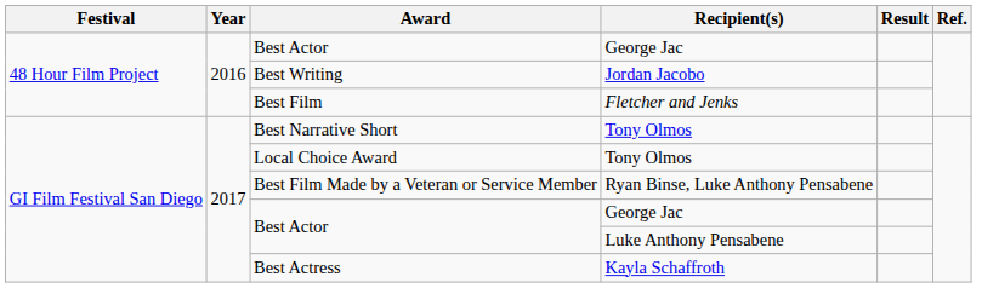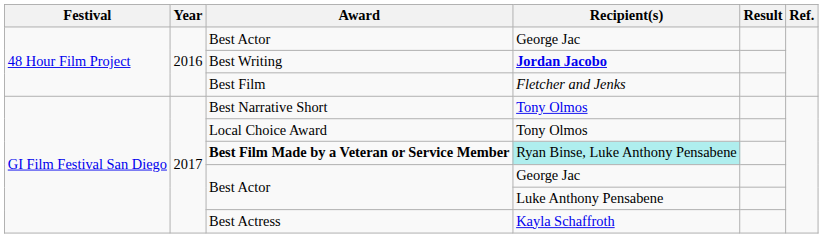 <table class="wikitable">
 <tr>
 <th>Festival</th>
 <th>Year</th>
 <th>Award</th>
 <th>Recipient(s)</th>
 <th>Result</th>
 <th>Ref.</th>
 </tr>
 <tr>
 <td rowspan="3"><a href='#'>48 Hour Film Project</a></td>
 <td rowspan="3">2016</td>
 <td>Best Actor</td>
 <td>George Jac</td>
 <td></td>
 <td rowspan="3"></td>
 </tr>
 <tr>
 <td>Best Writing</td>
-<td><a href='#'>Jordan Jacobo</a></td>
+<td><strong><a href='#'>Jordan Jacobo</a></strong></td>
 <td></td>
 </tr>
 <tr>
 <td>Best Film</td>
 <td><em>Fletcher and Jenks</em></td>
 <td></td>
 </tr>
 <tr>
 <td rowspan="6"><a href='#'>GI Film Festival San Diego</a></td>
 <td rowspan="6">2017</td>
 <td>Best Narrative Short</td>
 <td><a href='#'>Tony Olmos</a></td>
 <td></td>
 <td rowspan="6"></td>
 </tr>
 <tr>
 <td>Local Choice Award</td>
 <td>Tony Olmos</td>
 <td></td>
 </tr>
 <tr>
-<td>Best Film Made by a Veteran or Service Member</td>
-<td>Ryan Binse, Luke Anthony Pensabene</td>
+<td><strong>Best Film Made by a Veteran or Service Member</strong></td>
+<td style="background: paleturquoise;">Ryan Binse, Luke Anthony Pensabene</td>
 <td></td>
 </tr>
 <tr>
 <td rowspan="2">Best Actor</td>
 <td>George Jac</td>
 <td></td>
 </tr>
 <tr>
 <td>Luke Anthony Pensabene</td>
 <td></td>
 </tr>
 <tr>
 <td>Best Actress</td>
 <td><a href='#'>Kayla Schaffroth</a></td>
 <td></td>
 </tr>
 </table>
